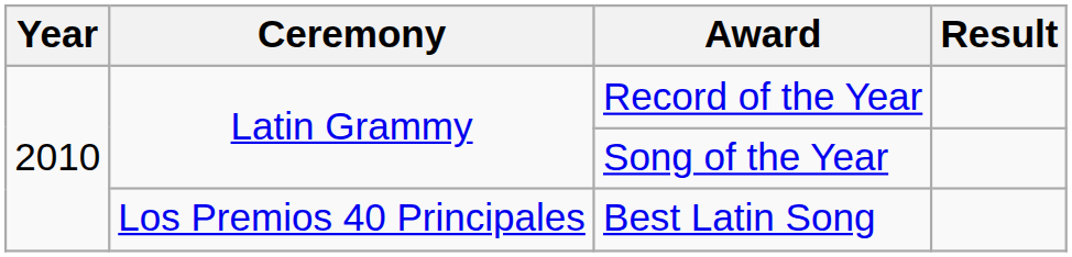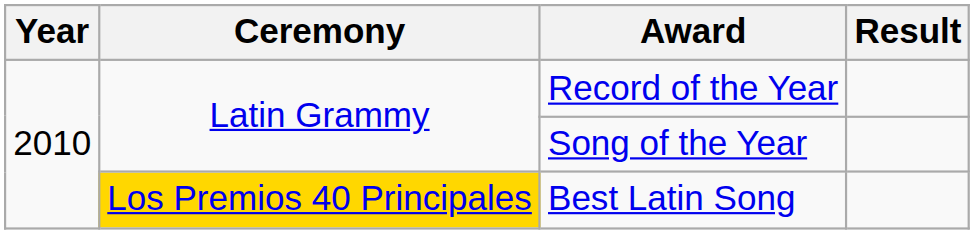 <table class="wikitable">
 <tr>
 <th align="left">Year</th>
 <th align="left">Ceremony</th>
 <th align="left">Award</th>
 <th align="left">Result</th>
 </tr>
 <tr>
 <td rowspan="3" align="center">2010</td>
 <td rowspan="2" align="center"><a href='#'>Latin Grammy</a></td>
 <td align="left"><a href='#'>Record of the Year</a></td>
 <td></td>
 </tr>
 <tr>
 <td align="left"><a href='#'>Song of the Year</a></td>
 <td></td>
 </tr>
 <tr>
-<td align="center"><a href='#'>Los Premios 40 Principales</a></td>
+<td align="center" style="background: gold;"><a href='#'>Los Premios 40 Principales</a></td>
 <td align="left"><a href='#'>Best Latin Song</a></td>
 <td></td>
 </tr>
 </table>
